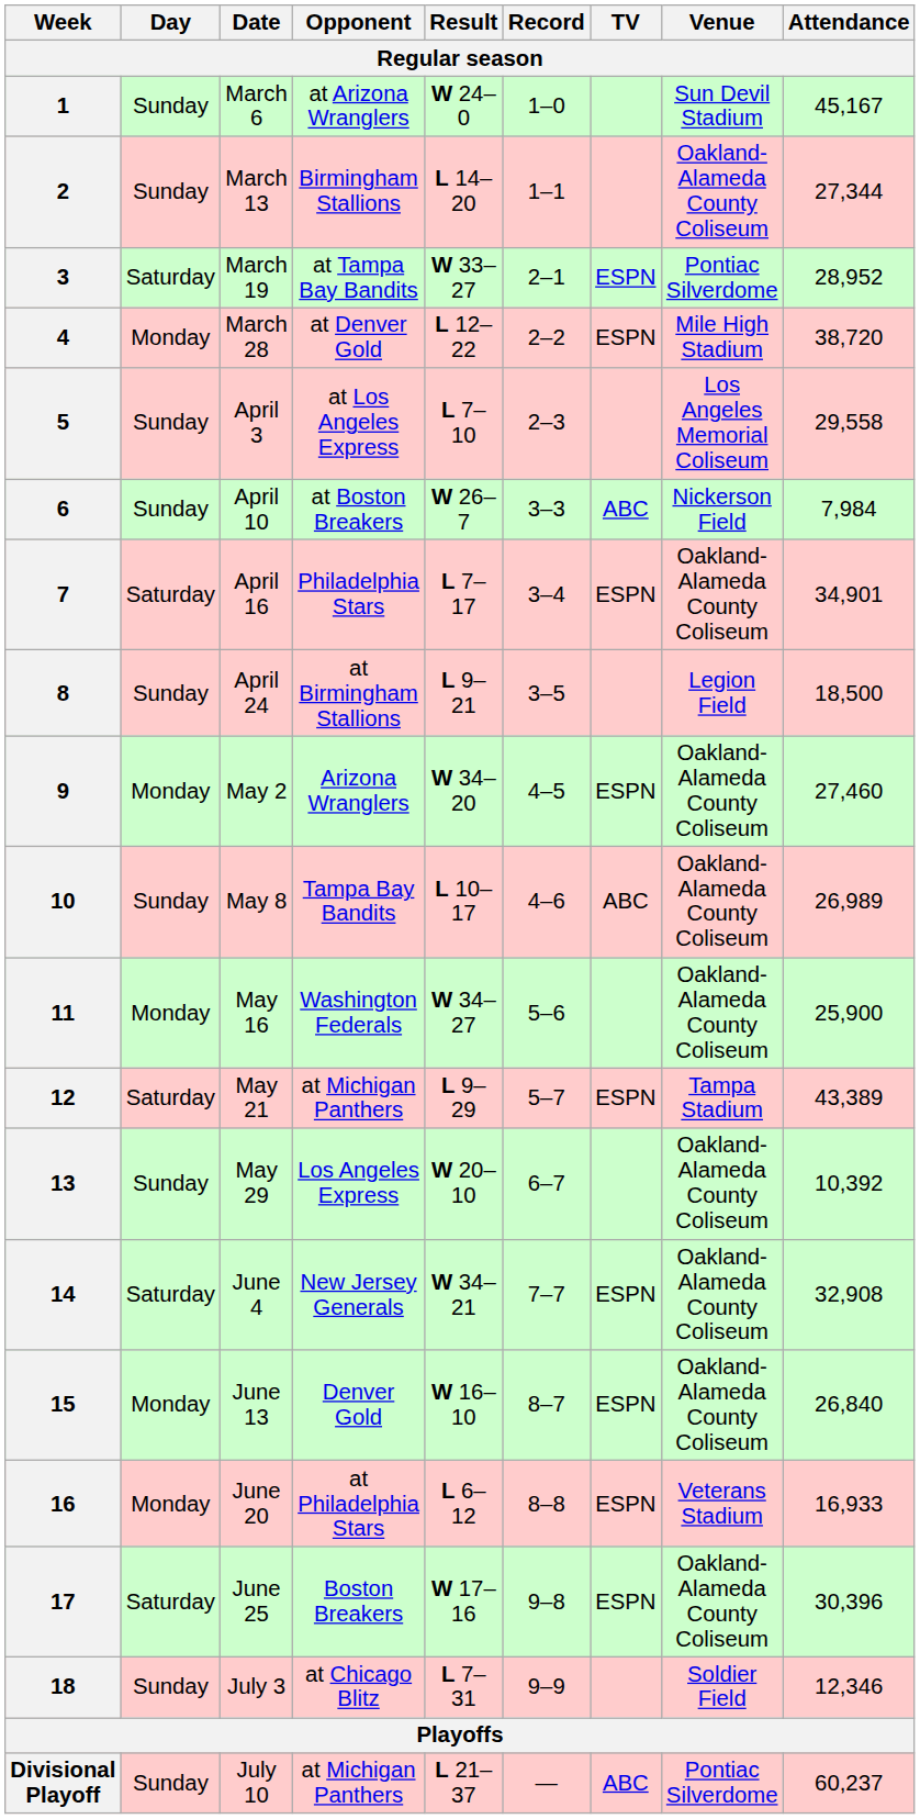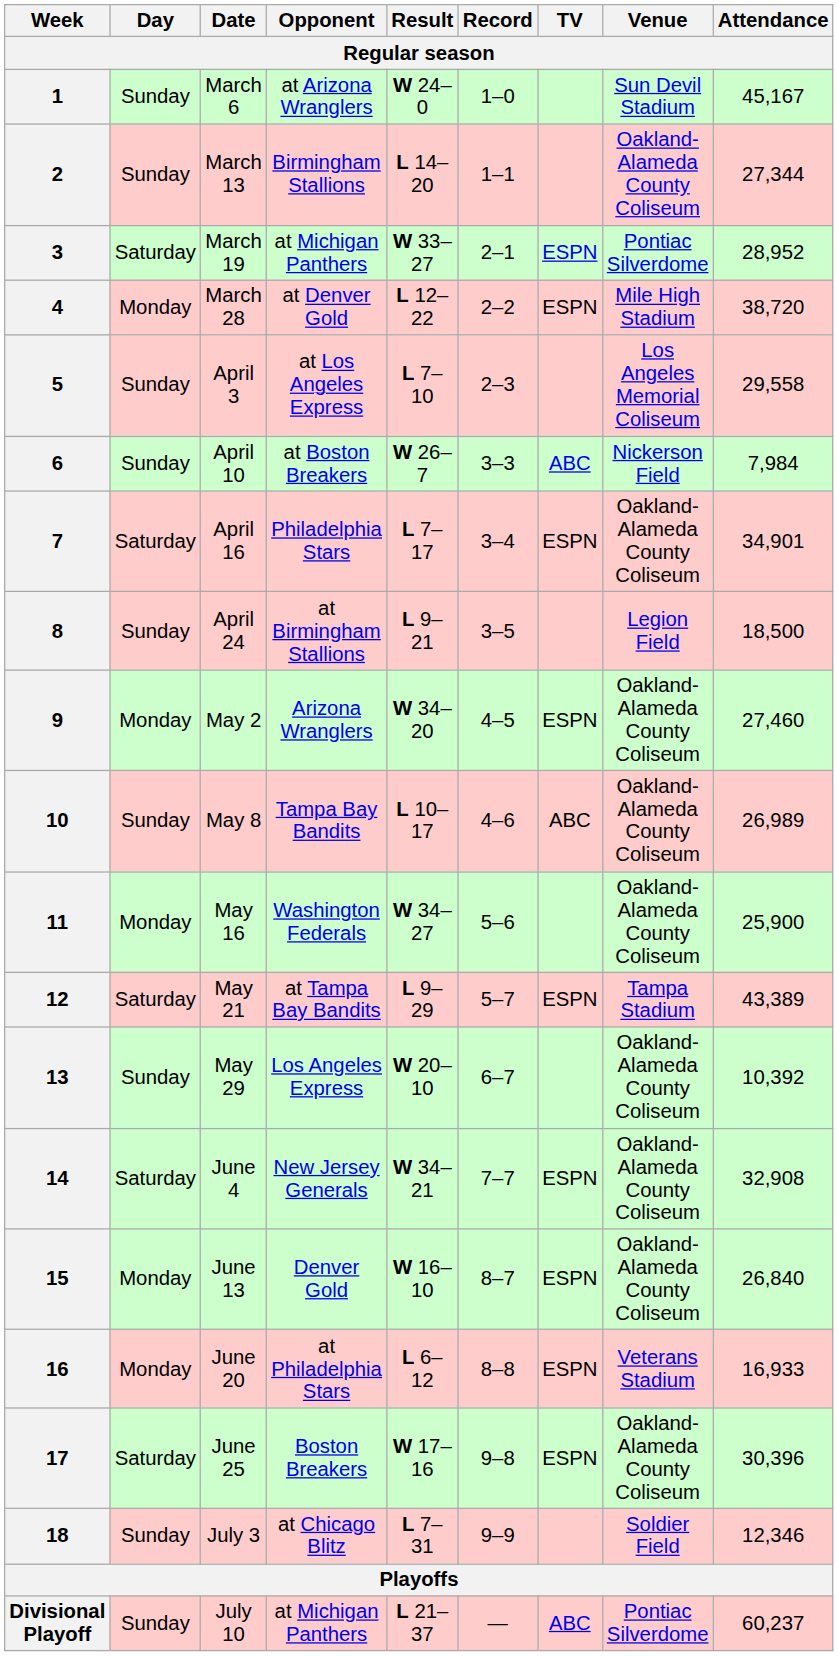 <table class="wikitable" style="text-align:center">
 <tr>
 <th>Week</th>
 <th>Day</th>
 <th>Date</th>
 <th>Opponent</th>
 <th>Result</th>
 <th>Record</th>
 <th>TV</th>
 <th>Venue</th>
 <th>Attendance</th>
 </tr>
 <tr>
 <th colspan="9">Regular season</th>
 </tr>
 <tr style="background:#cfc">
 <th>1</th>
 <td>Sunday</td>
 <td>March 6</td>
 <td>at <a href='#'>Arizona Wranglers</a></td>
 <td><strong>W</strong> 24–0</td>
 <td>1–0</td>
 <td></td>
 <td><a href='#'>Sun Devil Stadium</a></td>
 <td>45,167</td>
 </tr>
 <tr style="background:#fcc">
 <th>2</th>
 <td>Sunday</td>
 <td>March 13</td>
 <td><a href='#'>Birmingham Stallions</a></td>
 <td><strong>L</strong> 14–20 </td>
 <td>1–1</td>
 <td></td>
 <td><a href='#'>Oakland-Alameda County Coliseum</a></td>
 <td>27,344</td>
 </tr>
 <tr style="background:#cfc">
 <th>3</th>
 <td>Saturday</td>
 <td>March 19</td>
-<td>at <a href='#'>Tampa Bay Bandits</a></td>
+<td>at <a href='#'>Michigan Panthers</a></td>
 <td><strong>W</strong> 33–27</td>
 <td>2–1</td>
 <td><a href='#'>ESPN</a></td>
 <td><a href='#'>Pontiac Silverdome</a></td>
 <td>28,952</td>
 </tr>
 <tr style="background:#fcc">
 <th>4</th>
 <td>Monday</td>
 <td>March 28</td>
 <td>at <a href='#'>Denver Gold</a></td>
 <td><strong>L</strong> 12–22</td>
 <td>2–2</td>
 <td>ESPN</td>
 <td><a href='#'>Mile High Stadium</a></td>
 <td>38,720</td>
 </tr>
 <tr style="background:#fcc">
 <th>5</th>
 <td>Sunday</td>
 <td>April 3</td>
 <td>at <a href='#'>Los Angeles Express</a></td>
 <td><strong>L</strong> 7–10</td>
 <td>2–3</td>
 <td></td>
 <td><a href='#'>Los Angeles Memorial Coliseum</a></td>
 <td>29,558</td>
 </tr>
 <tr style="background:#cfc">
 <th>6</th>
 <td>Sunday</td>
 <td>April 10</td>
 <td>at <a href='#'>Boston Breakers</a></td>
 <td><strong>W</strong> 26–7</td>
 <td>3–3</td>
 <td><a href='#'>ABC</a></td>
 <td><a href='#'>Nickerson Field</a></td>
 <td>7,984</td>
 </tr>
 <tr style="background:#fcc">
 <th>7</th>
 <td>Saturday</td>
 <td>April 16</td>
 <td><a href='#'>Philadelphia Stars</a></td>
 <td><strong>L</strong> 7–17</td>
 <td>3–4</td>
 <td>ESPN</td>
 <td>Oakland-Alameda County Coliseum</td>
 <td>34,901</td>
 </tr>
 <tr style="background:#fcc">
 <th>8</th>
 <td>Sunday</td>
 <td>April 24</td>
 <td>at <a href='#'>Birmingham Stallions</a></td>
 <td><strong>L</strong> 9–21</td>
 <td>3–5</td>
 <td></td>
 <td><a href='#'>Legion Field</a></td>
 <td>18,500</td>
 </tr>
 <tr style="background:#cfc">
 <th>9</th>
 <td>Monday</td>
 <td>May 2</td>
 <td><a href='#'>Arizona Wranglers</a></td>
 <td><strong>W</strong> 34–20</td>
 <td>4–5</td>
 <td>ESPN</td>
 <td>Oakland-Alameda County Coliseum</td>
 <td>27,460</td>
 </tr>
 <tr style="background:#fcc">
 <th>10</th>
 <td>Sunday</td>
 <td>May 8</td>
 <td><a href='#'>Tampa Bay Bandits</a></td>
 <td><strong>L</strong> 10–17</td>
 <td>4–6</td>
 <td>ABC</td>
 <td>Oakland-Alameda County Coliseum</td>
 <td>26,989</td>
 </tr>
 <tr style="background:#cfc">
 <th>11</th>
 <td>Monday</td>
 <td>May 16</td>
 <td><a href='#'>Washington Federals</a></td>
 <td><strong>W</strong> 34–27</td>
 <td>5–6</td>
 <td></td>
 <td>Oakland-Alameda County Coliseum</td>
 <td>25,900</td>
 </tr>
 <tr style="background:#fcc">
 <th>12</th>
 <td>Saturday</td>
 <td>May 21</td>
-<td>at <a href='#'>Michigan Panthers</a></td>
+<td>at <a href='#'>Tampa Bay Bandits</a></td>
 <td><strong>L</strong> 9–29</td>
 <td>5–7</td>
 <td>ESPN</td>
 <td><a href='#'>Tampa Stadium</a></td>
 <td>43,389</td>
 </tr>
 <tr style="background:#cfc">
 <th>13</th>
 <td>Sunday</td>
 <td>May 29</td>
 <td><a href='#'>Los Angeles Express</a></td>
 <td><strong>W</strong> 20–10</td>
 <td>6–7</td>
 <td></td>
 <td>Oakland-Alameda County Coliseum</td>
 <td>10,392</td>
 </tr>
 <tr style="background:#cfc">
 <th>14</th>
 <td>Saturday</td>
 <td>June 4</td>
 <td><a href='#'>New Jersey Generals</a></td>
 <td><strong>W</strong> 34–21</td>
 <td>7–7</td>
 <td>ESPN</td>
 <td>Oakland-Alameda County Coliseum</td>
 <td>32,908</td>
 </tr>
 <tr style="background:#cfc">
 <th>15</th>
 <td>Monday</td>
 <td>June 13</td>
 <td><a href='#'>Denver Gold</a></td>
 <td><strong>W</strong> 16–10</td>
 <td>8–7</td>
 <td>ESPN</td>
 <td>Oakland-Alameda County Coliseum</td>
 <td>26,840</td>
 </tr>
 <tr style="background:#fcc">
 <th>16</th>
 <td>Monday</td>
 <td>June 20</td>
 <td>at <a href='#'>Philadelphia Stars</a></td>
 <td><strong>L</strong> 6–12</td>
 <td>8–8</td>
 <td>ESPN</td>
 <td><a href='#'>Veterans Stadium</a></td>
 <td>16,933</td>
 </tr>
 <tr style="background:#cfc">
 <th>17</th>
 <td>Saturday</td>
 <td>June 25</td>
 <td><a href='#'>Boston Breakers</a></td>
 <td><strong>W</strong> 17–16</td>
 <td>9–8</td>
 <td>ESPN</td>
 <td>Oakland-Alameda County Coliseum</td>
 <td>30,396</td>
 </tr>
 <tr style="background:#fcc">
 <th>18</th>
 <td>Sunday</td>
 <td>July 3</td>
 <td>at <a href='#'>Chicago Blitz</a></td>
 <td><strong>L</strong> 7–31</td>
 <td>9–9</td>
 <td></td>
 <td><a href='#'>Soldier Field</a></td>
 <td>12,346</td>
 </tr>
 <tr style="text-align:center;">
 <th colspan="9">Playoffs</th>
 </tr>
 <tr style="background:#fcc">
 <th>Divisional<br>Playoff</th>
 <td>Sunday</td>
 <td>July 10</td>
 <td>at <a href='#'>Michigan Panthers</a></td>
 <td><strong>L</strong> 21–37</td>
 <td>—</td>
 <td><a href='#'>ABC</a></td>
 <td><a href='#'>Pontiac Silverdome</a></td>
 <td>60,237</td>
 </tr>
 </table>
